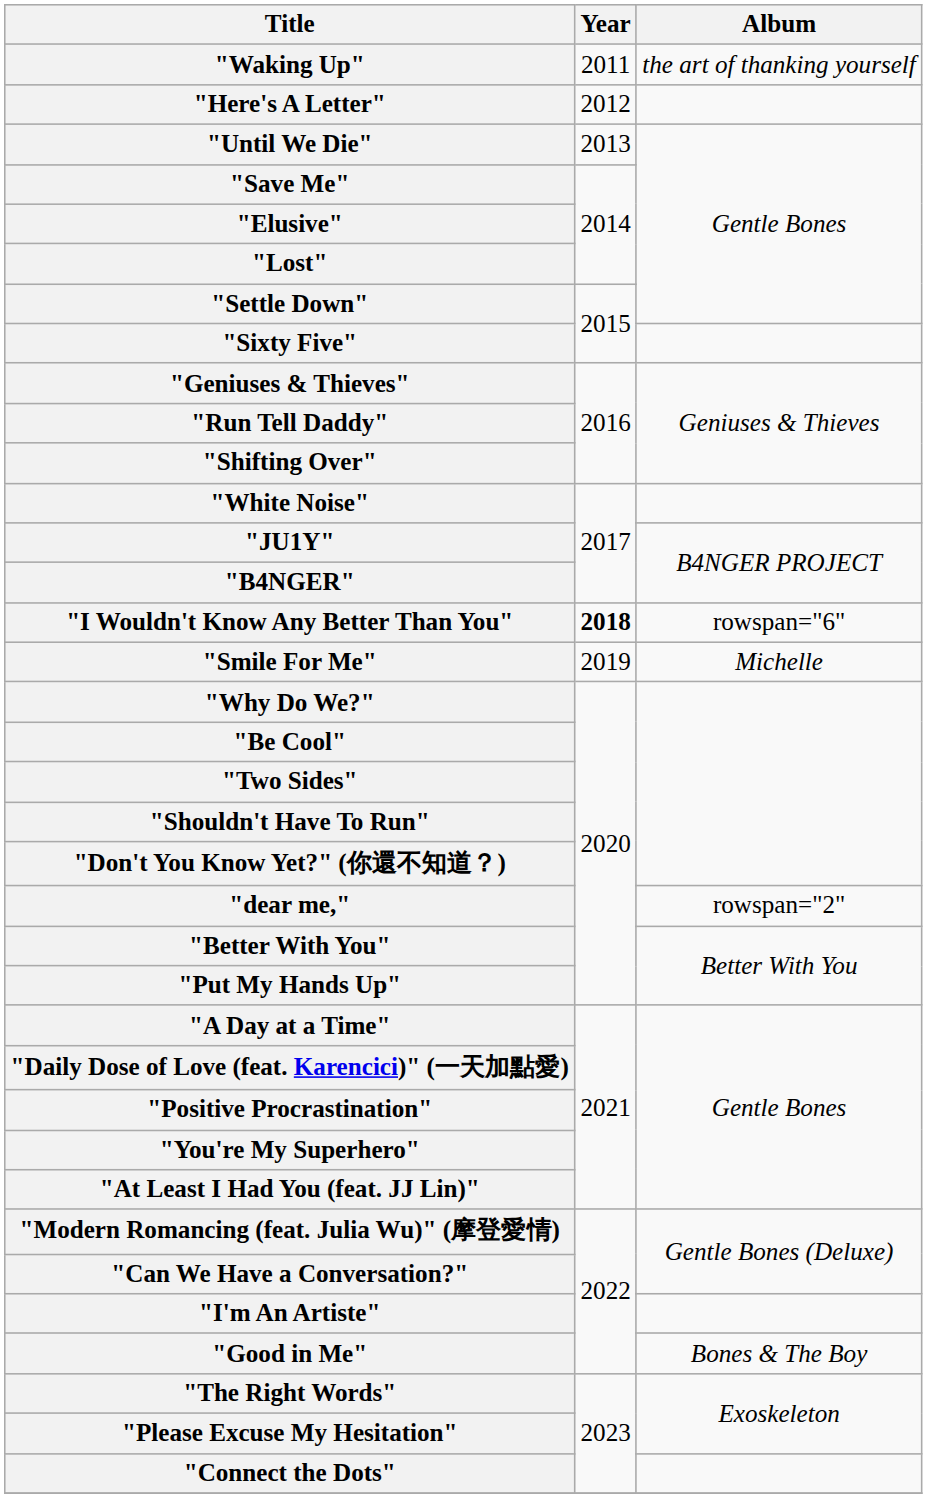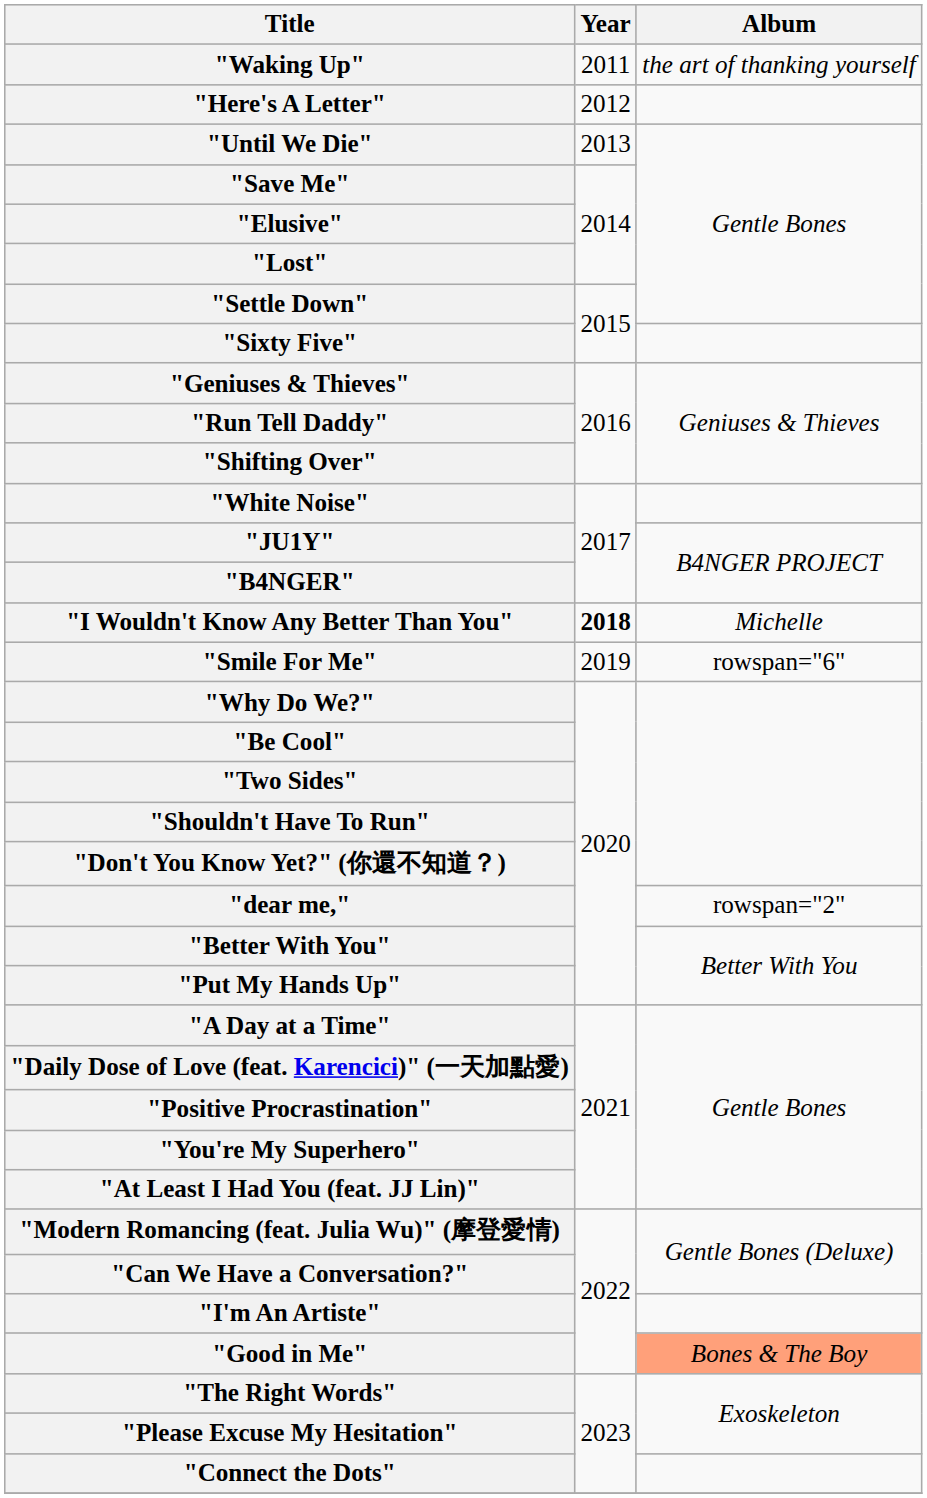 <table class="wikitable plainrowheaders" style="text-align:center;">
 <tr>
 <th scope="col">Title</th>
 <th scope="col">Year</th>
 <th scope="col">Album</th>
 </tr>
 <tr>
 <th scope="row">"Waking Up"</th>
 <td>2011</td>
 <td><em>the art of thanking yourself</em></td>
 </tr>
 <tr>
 <th scope="row">"Here's A Letter"</th>
 <td>2012</td>
 </tr>
 <tr>
 <th scope="row">"Until We Die"</th>
 <td>2013</td>
 <td rowspan="5"><em>Gentle Bones</em></td>
 </tr>
 <tr>
 <th scope="row">"Save Me"</th>
 <td rowspan="3">2014</td>
 </tr>
 <tr>
 <th scope="row">"Elusive"</th>
 </tr>
 <tr>
 <th scope="row">"Lost"</th>
 </tr>
 <tr>
 <th scope="row">"Settle Down"</th>
 <td rowspan="2">2015</td>
 </tr>
 <tr>
 <th scope="row">"Sixty Five"</th>
 <td></td>
 </tr>
 <tr>
 <th scope="row">"Geniuses & Thieves"</th>
 <td rowspan="3">2016</td>
 <td rowspan="3"><em>Geniuses & Thieves</em></td>
 </tr>
 <tr>
 <th scope="row">"Run Tell Daddy"</th>
 </tr>
 <tr>
 <th scope="row">"Shifting Over"</th>
 </tr>
 <tr>
 <th scope="row">"White Noise"</th>
 <td rowspan="3">2017</td>
 <td></td>
 </tr>
 <tr>
 <th scope="row">"JU1Y"</th>
 <td rowspan="2"><em>B4NGER PROJECT</em></td>
 </tr>
 <tr>
 <th scope="row">"B4NGER"</th>
 </tr>
 <tr>
 <th scope="row">"I Wouldn't Know Any Better Than You"</th>
 <td><strong>2018</strong></td>
-<td>rowspan="6" </td>
+<td><em>Michelle</em></td>
 </tr>
 <tr>
 <th scope="row">"Smile For Me"</th>
 <td>2019</td>
-<td><em>Michelle</em></td>
+<td>rowspan="6" </td>
 </tr>
 <tr>
 <th scope="row">"Why Do We?"</th>
 <td rowspan="8">2020</td>
 </tr>
 <tr>
 <th scope="row">"Be Cool"</th>
 </tr>
 <tr>
 <th scope="row">"Two Sides"</th>
 </tr>
 <tr>
 <th scope="row">"Shouldn't Have To Run"</th>
 </tr>
 <tr>
 <th scope="row">"Don't You Know Yet?" (你還不知道？)</th>
 </tr>
 <tr>
 <th scope="row">"dear me,"</th>
 <td>rowspan="2" </td>
 </tr>
 <tr>
 <th scope="row">"Better With You"</th>
 <td rowspan="2"><em>Better With You</em></td>
 </tr>
 <tr>
 <th scope="row">"Put My Hands Up"</th>
 </tr>
 <tr>
 <th scope="row">"A Day at a Time"</th>
 <td rowspan="5">2021</td>
 <td rowspan="5"><em>Gentle Bones</em></td>
 </tr>
 <tr>
 <th scope="row">"Daily Dose of Love (feat. <a href='#'>Karencici</a>)" (一天加點愛)</th>
 </tr>
 <tr>
 <th scope="row">"Positive Procrastination"</th>
 </tr>
 <tr>
 <th scope="row">"You're My Superhero"</th>
 </tr>
 <tr>
 <th scope="row">"At Least I Had You (feat. JJ Lin)"</th>
 </tr>
 <tr>
 <th scope="row">"Modern Romancing (feat. Julia Wu)" (摩登愛情)</th>
 <td rowspan="4">2022</td>
 <td rowspan="2"><em>Gentle Bones (Deluxe)</em></td>
 </tr>
 <tr>
 <th scope="row">"Can We Have a Conversation?"</th>
 </tr>
 <tr>
 <th scope="row">"I'm An Artiste"</th>
 <td></td>
 </tr>
 <tr>
 <th scope="row">"Good in Me"</th>
-<td><em>Bones & The Boy</em></td>
+<td style="background: lightsalmon;"><em>Bones & The Boy</em></td>
 </tr>
 <tr>
 <th scope="row">"The Right Words"</th>
 <td rowspan="3">2023</td>
 <td rowspan="2"><em>Exoskeleton</em></td>
 </tr>
 <tr>
 <th scope="row">"Please Excuse My Hesitation"</th>
 </tr>
 <tr>
 <th scope="row">"Connect the Dots"</th>
 <td></td>
 </tr>
 <tr>
 </tr>
 </table>
